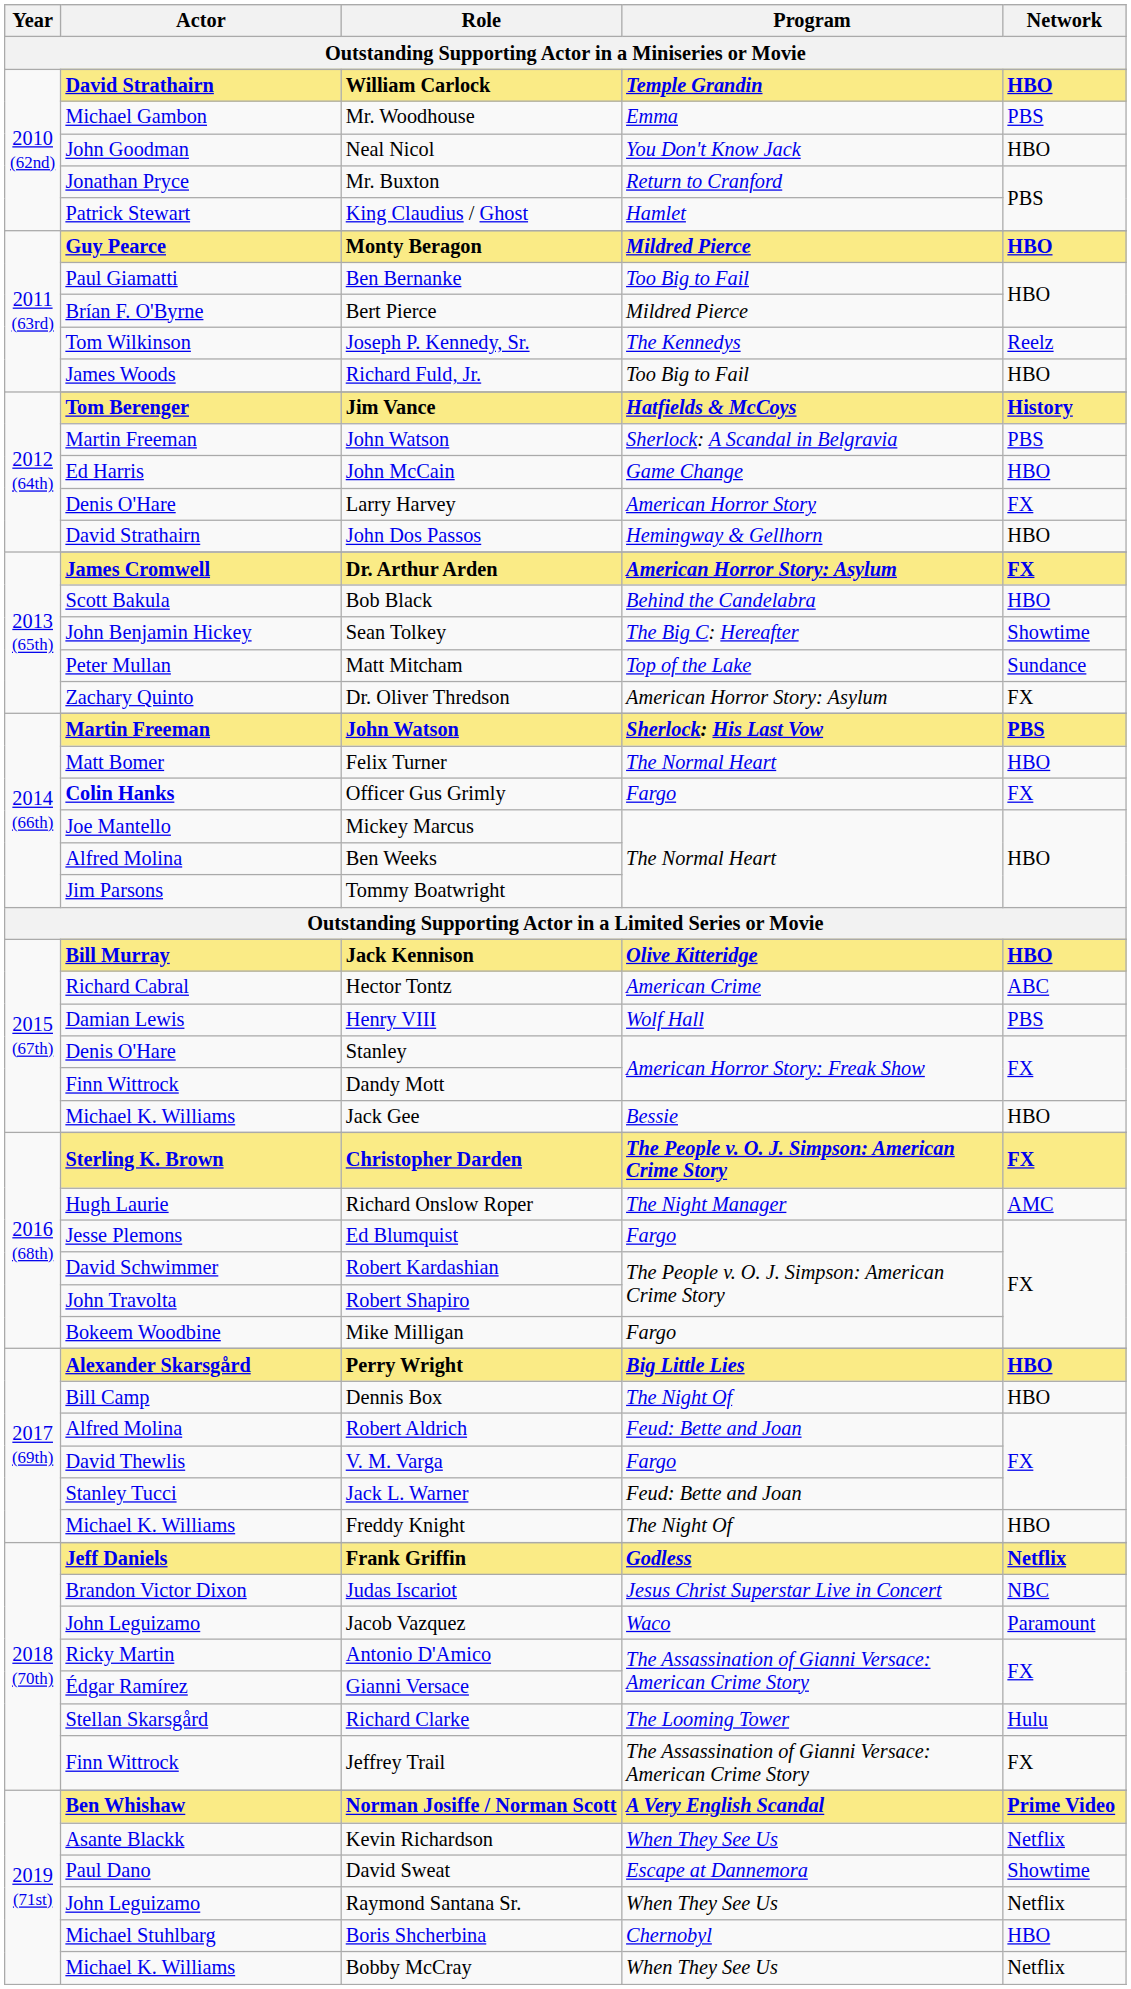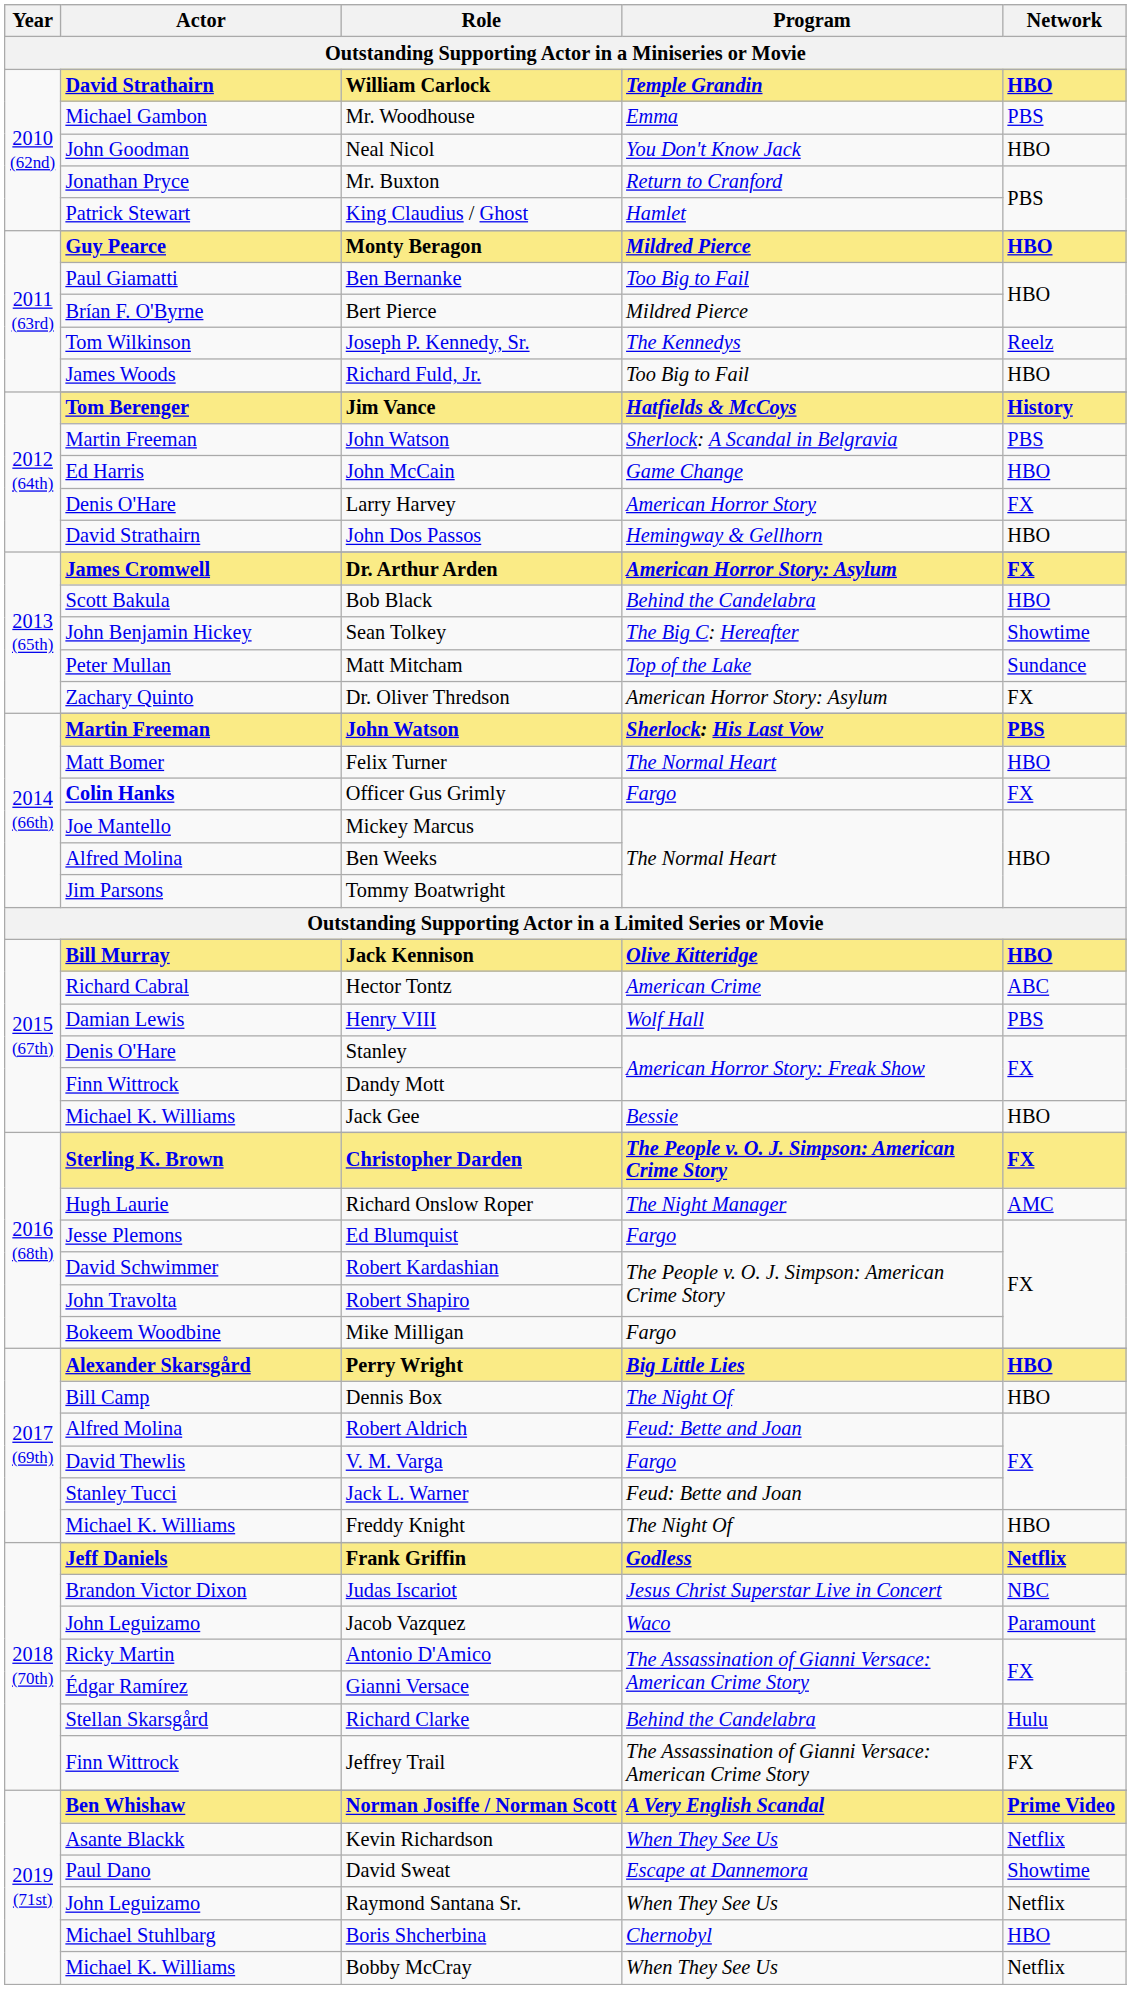 <table class="wikitable" style="width:100%">
 <tr bgcolor="#bebebe">
 <th width="5%">Year</th>
 <th width="25%">Actor</th>
 <th width="25%">Role</th>
 <th width="34%">Program</th>
 <th width="15%">Network</th>
 </tr>
 <tr>
 <th colspan=5>Outstanding Supporting Actor in a Miniseries or Movie</th>
 </tr>
 <tr>
 <td rowspan=6 style="text-align:center"><a href='#'>2010</a><br><small><a href='#'>(62nd)</a></small><br> </td>
 </tr>
 <tr style="background:#FAEB86;">
 <td><strong><a href='#'>David Strathairn</a></strong></td>
 <td><strong>William Carlock</strong></td>
 <td><strong><em><a href='#'>Temple Grandin</a></em></strong></td>
 <td><strong><a href='#'>HBO</a></strong></td>
 </tr>
 <tr>
 <td><a href='#'>Michael Gambon</a></td>
 <td>Mr. Woodhouse</td>
 <td><em><a href='#'>Emma</a></em></td>
 <td><a href='#'>PBS</a></td>
 </tr>
 <tr>
 <td><a href='#'>John Goodman</a></td>
 <td>Neal Nicol</td>
 <td><em><a href='#'>You Don't Know Jack</a></em></td>
 <td>HBO</td>
 </tr>
 <tr>
 <td><a href='#'>Jonathan Pryce</a></td>
 <td>Mr. Buxton</td>
 <td><em><a href='#'>Return to Cranford</a></em></td>
 <td rowspan=2>PBS</td>
 </tr>
 <tr>
 <td><a href='#'>Patrick Stewart</a></td>
 <td><a href='#'>King Claudius</a> / <a href='#'>Ghost</a></td>
 <td><em><a href='#'>Hamlet</a></em></td>
 </tr>
 <tr>
 <td rowspan=6 style="text-align:center"><a href='#'>2011</a><br><small><a href='#'>(63rd)</a></small><br> </td>
 </tr>
 <tr style="background:#FAEB86;">
 <td><strong><a href='#'>Guy Pearce</a></strong></td>
 <td><strong>Monty Beragon</strong></td>
 <td><strong><em><a href='#'>Mildred Pierce</a></em></strong></td>
 <td><strong><a href='#'>HBO</a></strong></td>
 </tr>
 <tr>
 <td><a href='#'>Paul Giamatti</a></td>
 <td><a href='#'>Ben Bernanke</a></td>
 <td><em><a href='#'>Too Big to Fail</a></em></td>
 <td rowspan="2">HBO</td>
 </tr>
 <tr>
 <td><a href='#'>Brían F. O'Byrne</a></td>
 <td>Bert Pierce</td>
 <td><em>Mildred Pierce</em></td>
 </tr>
 <tr>
 <td><a href='#'>Tom Wilkinson</a></td>
 <td><a href='#'>Joseph P. Kennedy, Sr.</a></td>
 <td><em><a href='#'>The Kennedys</a></em></td>
 <td><a href='#'>Reelz</a></td>
 </tr>
 <tr>
 <td><a href='#'>James Woods</a></td>
 <td><a href='#'>Richard Fuld, Jr.</a></td>
 <td><em>Too Big to Fail</em></td>
 <td>HBO</td>
 </tr>
 <tr>
 <td rowspan=6 style="text-align:center"><a href='#'>2012</a><br><small><a href='#'>(64th)</a></small><br> </td>
 </tr>
 <tr style="background:#FAEB86;">
 <td><strong><a href='#'>Tom Berenger</a></strong></td>
 <td><strong>Jim Vance</strong></td>
 <td><strong><em><a href='#'>Hatfields & McCoys</a></em></strong></td>
 <td><strong><a href='#'>History</a></strong></td>
 </tr>
 <tr>
 <td><a href='#'>Martin Freeman</a></td>
 <td><a href='#'>John Watson</a></td>
 <td><em><a href='#'>Sherlock</a>: <a href='#'>A Scandal in Belgravia</a></em></td>
 <td><a href='#'>PBS</a></td>
 </tr>
 <tr>
 <td><a href='#'>Ed Harris</a></td>
 <td><a href='#'>John McCain</a></td>
 <td><em><a href='#'>Game Change</a></em></td>
 <td><a href='#'>HBO</a></td>
 </tr>
 <tr>
 <td><a href='#'>Denis O'Hare</a></td>
 <td>Larry Harvey</td>
 <td><em><a href='#'>American Horror Story</a></em></td>
 <td><a href='#'>FX</a></td>
 </tr>
 <tr>
 <td><a href='#'>David Strathairn</a></td>
 <td><a href='#'>John Dos Passos</a></td>
 <td><em><a href='#'>Hemingway & Gellhorn</a></em></td>
 <td>HBO</td>
 </tr>
 <tr>
 <td rowspan=6 style="text-align:center"><a href='#'>2013</a><br><small><a href='#'>(65th)</a></small><br> </td>
 </tr>
 <tr style="background:#FAEB86;">
 <td><strong><a href='#'>James Cromwell</a></strong></td>
 <td><strong>Dr. Arthur Arden</strong></td>
 <td><strong><em><a href='#'>American Horror Story: Asylum</a></em></strong></td>
 <td><strong><a href='#'>FX</a></strong></td>
 </tr>
 <tr>
 <td><a href='#'>Scott Bakula</a></td>
 <td>Bob Black</td>
 <td><em><a href='#'>Behind the Candelabra</a></em></td>
 <td><a href='#'>HBO</a></td>
 </tr>
 <tr>
 <td><a href='#'>John Benjamin Hickey</a></td>
 <td>Sean Tolkey</td>
 <td><em><a href='#'>The Big C</a>: <a href='#'>Hereafter</a></em></td>
 <td><a href='#'>Showtime</a></td>
 </tr>
 <tr>
 <td><a href='#'>Peter Mullan</a></td>
 <td>Matt Mitcham</td>
 <td><em><a href='#'>Top of the Lake</a></em></td>
 <td><a href='#'>Sundance</a></td>
 </tr>
 <tr>
 <td><a href='#'>Zachary Quinto</a></td>
 <td>Dr. Oliver Thredson</td>
 <td><em>American Horror Story: Asylum</em></td>
 <td>FX</td>
 </tr>
 <tr>
 <td rowspan=7 style="text-align:center"><a href='#'>2014</a><br><small><a href='#'>(66th)</a></small><br> </td>
 </tr>
 <tr style="background:#FAEB86;">
 <td><strong><a href='#'>Martin Freeman</a></strong></td>
 <td><strong><a href='#'>John Watson</a></strong></td>
 <td><strong><em><a href='#'>Sherlock</a>: <a href='#'>His Last Vow</a></em></strong></td>
 <td><strong><a href='#'>PBS</a></strong></td>
 </tr>
 <tr>
 <td><a href='#'>Matt Bomer</a></td>
 <td>Felix Turner</td>
 <td><em><a href='#'>The Normal Heart</a></em></td>
 <td><a href='#'>HBO</a></td>
 </tr>
 <tr>
 <td><strong><a href='#'>Colin Hanks</a></strong></td>
 <td>Officer Gus Grimly</td>
 <td><em><a href='#'>Fargo</a></em></td>
 <td><a href='#'>FX</a></td>
 </tr>
 <tr>
 <td><a href='#'>Joe Mantello</a></td>
 <td>Mickey Marcus</td>
 <td rowspan="3"><em>The Normal Heart</em></td>
 <td rowspan="3">HBO</td>
 </tr>
 <tr>
 <td><a href='#'>Alfred Molina</a></td>
 <td>Ben Weeks</td>
 </tr>
 <tr>
 <td><a href='#'>Jim Parsons</a></td>
 <td>Tommy Boatwright</td>
 </tr>
 <tr>
 <th colspan=5>Outstanding Supporting Actor in a Limited Series or Movie</th>
 </tr>
 <tr>
 <td rowspan=7 style="text-align:center"><a href='#'>2015</a><br><small><a href='#'>(67th)</a></small><br> </td>
 </tr>
 <tr style="background:#FAEB86;">
 <td><strong><a href='#'>Bill Murray</a></strong></td>
 <td><strong>Jack Kennison</strong></td>
 <td><strong><em><a href='#'>Olive Kitteridge</a></em></strong></td>
 <td><strong><a href='#'>HBO</a></strong></td>
 </tr>
 <tr>
 <td><a href='#'>Richard Cabral</a></td>
 <td>Hector Tontz</td>
 <td><em><a href='#'>American Crime</a></em></td>
 <td><a href='#'>ABC</a></td>
 </tr>
 <tr>
 <td><a href='#'>Damian Lewis</a></td>
 <td><a href='#'>Henry VIII</a></td>
 <td><em><a href='#'>Wolf Hall</a></em></td>
 <td><a href='#'>PBS</a></td>
 </tr>
 <tr>
 <td><a href='#'>Denis O'Hare</a></td>
 <td>Stanley</td>
 <td rowspan="2"><em><a href='#'>American Horror Story: Freak Show</a></em></td>
 <td rowspan="2"><a href='#'>FX</a></td>
 </tr>
 <tr>
 <td><a href='#'>Finn Wittrock</a></td>
 <td>Dandy Mott</td>
 </tr>
 <tr>
 <td><a href='#'>Michael K. Williams</a></td>
 <td>Jack Gee</td>
 <td><em><a href='#'>Bessie</a></em></td>
 <td>HBO</td>
 </tr>
 <tr>
 <td rowspan=7 style="text-align:center"><a href='#'>2016</a><br><small><a href='#'>(68th)</a></small><br> </td>
 </tr>
 <tr style="background:#FAEB86;  |">
 <td><strong><a href='#'>Sterling K. Brown</a></strong></td>
 <td><strong><a href='#'>Christopher Darden</a></strong></td>
 <td><strong><em><a href='#'>The People v. O. J. Simpson: American Crime Story</a></em></strong></td>
 <td><strong><a href='#'>FX</a></strong></td>
 </tr>
 <tr>
 <td><a href='#'>Hugh Laurie</a></td>
 <td>Richard Onslow Roper</td>
 <td><em><a href='#'>The Night Manager</a></em></td>
 <td><a href='#'>AMC</a></td>
 </tr>
 <tr>
 <td><a href='#'>Jesse Plemons</a></td>
 <td><a href='#'>Ed Blumquist</a></td>
 <td><em><a href='#'>Fargo</a></em></td>
 <td rowspan=4>FX</td>
 </tr>
 <tr>
 <td><a href='#'>David Schwimmer</a></td>
 <td><a href='#'>Robert Kardashian</a></td>
 <td rowspan="2"><em>The People v. O. J. Simpson: American Crime Story</em></td>
 </tr>
 <tr>
 <td><a href='#'>John Travolta</a></td>
 <td><a href='#'>Robert Shapiro</a></td>
 </tr>
 <tr>
 <td><a href='#'>Bokeem Woodbine</a></td>
 <td>Mike Milligan</td>
 <td><em>Fargo</em></td>
 </tr>
 <tr>
 <td rowspan=7 style="text-align:center"><a href='#'>2017</a><br><small><a href='#'>(69th)</a></small><br> </td>
 </tr>
 <tr style="background:#FAEB86;  |">
 <td><strong><a href='#'>Alexander Skarsgård</a></strong></td>
 <td><strong>Perry Wright</strong></td>
 <td><strong><em><a href='#'>Big Little Lies</a></em></strong></td>
 <td><strong><a href='#'>HBO</a></strong></td>
 </tr>
 <tr>
 <td><a href='#'>Bill Camp</a></td>
 <td>Dennis Box</td>
 <td><em><a href='#'>The Night Of</a></em></td>
 <td>HBO</td>
 </tr>
 <tr>
 <td><a href='#'>Alfred Molina</a></td>
 <td><a href='#'>Robert Aldrich</a></td>
 <td><em><a href='#'>Feud: Bette and Joan</a></em></td>
 <td rowspan=3><a href='#'>FX</a></td>
 </tr>
 <tr>
 <td><a href='#'>David Thewlis</a></td>
 <td><a href='#'>V. M. Varga</a></td>
 <td><em><a href='#'>Fargo</a></em></td>
 </tr>
 <tr>
 <td><a href='#'>Stanley Tucci</a></td>
 <td><a href='#'>Jack L. Warner</a></td>
 <td><em>Feud: Bette and Joan</em></td>
 </tr>
 <tr>
 <td><a href='#'>Michael K. Williams</a></td>
 <td>Freddy Knight</td>
 <td><em>The Night Of</em></td>
 <td>HBO</td>
 </tr>
 <tr>
 <td rowspan=8 style="text-align:center"><a href='#'>2018</a><br><small><a href='#'>(70th)</a></small><br> </td>
 </tr>
 <tr style="background:#FAEB86;">
 <td><strong><a href='#'>Jeff Daniels</a></strong></td>
 <td><strong>Frank Griffin</strong></td>
 <td><strong><em><a href='#'>Godless</a></em></strong></td>
 <td><strong><a href='#'>Netflix</a></strong></td>
 </tr>
 <tr>
 <td><a href='#'>Brandon Victor Dixon</a></td>
 <td><a href='#'>Judas Iscariot</a></td>
 <td><em><a href='#'>Jesus Christ Superstar Live in Concert</a></em></td>
 <td><a href='#'>NBC</a></td>
 </tr>
 <tr>
 <td><a href='#'>John Leguizamo</a></td>
 <td>Jacob Vazquez</td>
 <td><em><a href='#'>Waco</a></em></td>
 <td><a href='#'>Paramount</a></td>
 </tr>
 <tr>
 <td><a href='#'>Ricky Martin</a></td>
 <td><a href='#'>Antonio D'Amico</a></td>
 <td rowspan="2"><em><a href='#'>The Assassination of Gianni Versace: American Crime Story</a></em></td>
 <td rowspan="2"><a href='#'>FX</a></td>
 </tr>
 <tr>
 <td><a href='#'>Édgar Ramírez</a></td>
 <td><a href='#'>Gianni Versace</a></td>
 </tr>
 <tr>
 <td><a href='#'>Stellan Skarsgård</a></td>
 <td><a href='#'>Richard Clarke</a></td>
-<td><em><a href='#'>The Looming Tower</a></em></td>
+<td><em><a href='#'>Behind the Candelabra</a></em></td>
 <td><a href='#'>Hulu</a></td>
 </tr>
 <tr>
 <td><a href='#'>Finn Wittrock</a></td>
 <td>Jeffrey Trail</td>
 <td><em>The Assassination of Gianni Versace: American Crime Story</em></td>
 <td>FX</td>
 </tr>
 <tr>
 <td rowspan=7 style="text-align:center"><a href='#'>2019</a><br><small><a href='#'>(71st)</a></small><br></td>
 </tr>
 <tr style="background:#FAEB86;">
 <td><strong><a href='#'>Ben Whishaw</a></strong></td>
 <td><strong><a href='#'>Norman Josiffe / Norman Scott</a></strong></td>
 <td><strong><em><a href='#'>A Very English Scandal</a></em></strong></td>
 <td><strong><a href='#'>Prime Video</a></strong></td>
 </tr>
 <tr>
 <td><a href='#'>Asante Blackk</a></td>
 <td>Kevin Richardson</td>
 <td><em><a href='#'>When They See Us</a></em></td>
 <td><a href='#'>Netflix</a></td>
 </tr>
 <tr>
 <td><a href='#'>Paul Dano</a></td>
 <td>David Sweat</td>
 <td><em><a href='#'>Escape at Dannemora</a></em></td>
 <td><a href='#'>Showtime</a></td>
 </tr>
 <tr>
 <td><a href='#'>John Leguizamo</a></td>
 <td>Raymond Santana Sr.</td>
 <td><em>When They See Us</em></td>
 <td>Netflix</td>
 </tr>
 <tr>
 <td><a href='#'>Michael Stuhlbarg</a></td>
 <td><a href='#'>Boris Shcherbina</a></td>
 <td><em><a href='#'>Chernobyl</a></em></td>
 <td><a href='#'>HBO</a></td>
 </tr>
 <tr>
 <td><a href='#'>Michael K. Williams</a></td>
 <td>Bobby McCray</td>
 <td><em>When They See Us</em></td>
 <td>Netflix</td>
 </tr>
 <tr>
 </tr>
 </table>
